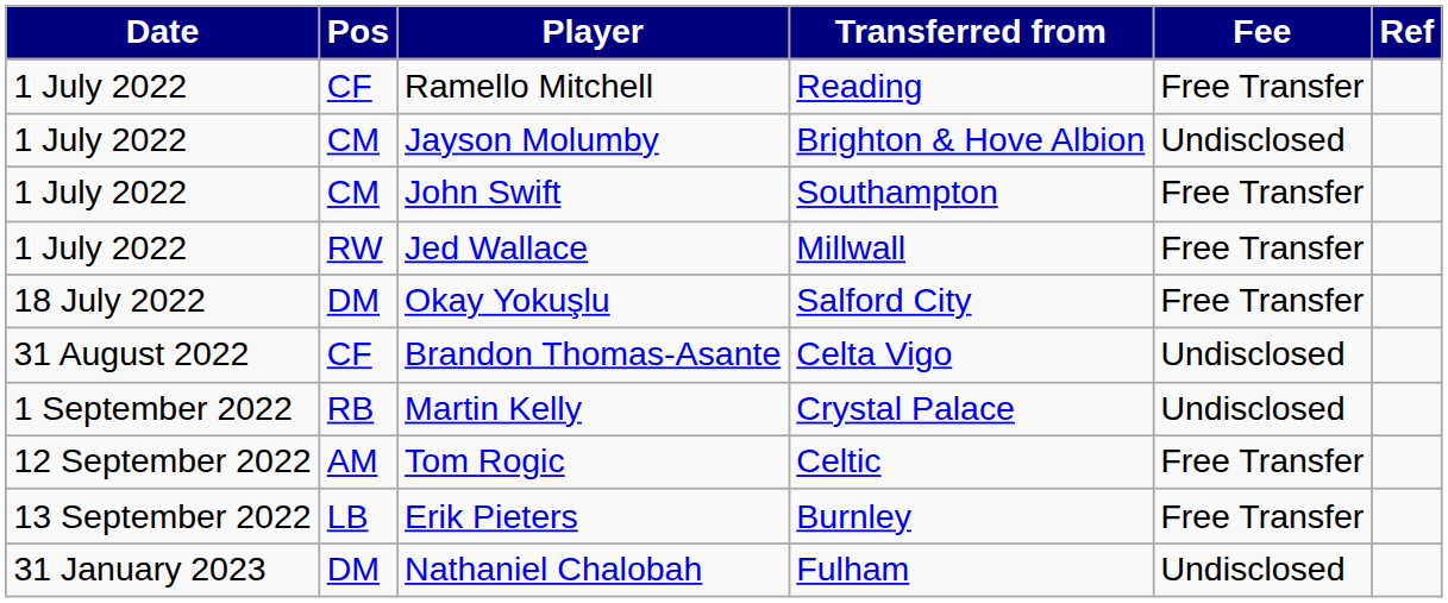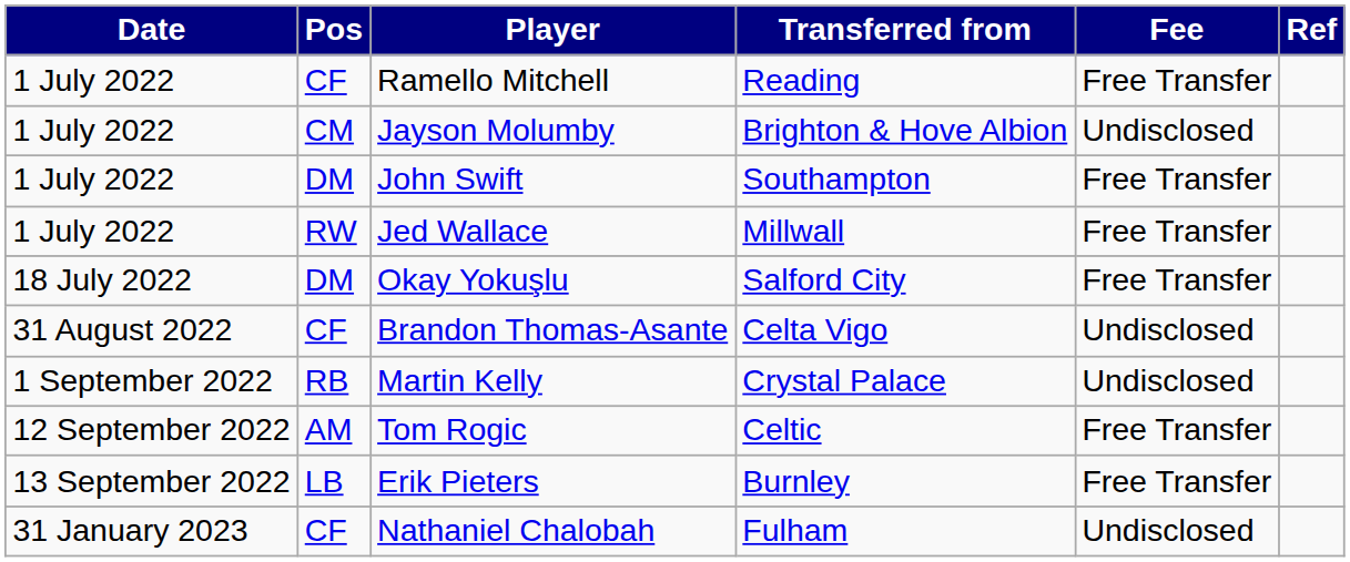 <table class="wikitable plainrowheaders sortable">
 <tr>
 <th style="background:#000080; color:#FFFFFF; ">Date</th>
 <th style="background:#000080; color:#FFFFFF; ">Pos</th>
 <th style="background:#000080; color:#FFFFFF; ">Player</th>
 <th style="background:#000080; color:#FFFFFF; ">Transferred from</th>
 <th style="background:#000080; color:#FFFFFF; ">Fee</th>
 <th style="background:#000080; color:#FFFFFF; ">Ref</th>
 </tr>
 <tr>
 <td>1 July 2022</td>
 <td><a href='#'>CF</a></td>
 <td> Ramello Mitchell</td>
 <td> <a href='#'>Reading</a></td>
 <td>Free Transfer</td>
 <td></td>
 </tr>
 <tr>
 <td>1 July 2022</td>
 <td><a href='#'>CM</a></td>
 <td> <a href='#'>Jayson Molumby</a></td>
 <td> <a href='#'>Brighton & Hove Albion</a></td>
 <td>Undisclosed</td>
 <td></td>
 </tr>
 <tr>
 <td>1 July 2022</td>
-<td><a href='#'>CM</a></td>
+<td><a href='#'>DM</a></td>
 <td> <a href='#'>John Swift</a></td>
 <td> <a href='#'>Southampton</a></td>
 <td>Free Transfer</td>
 <td></td>
 </tr>
 <tr>
 <td>1 July 2022</td>
 <td><a href='#'>RW</a></td>
 <td> <a href='#'>Jed Wallace</a></td>
 <td> <a href='#'>Millwall</a></td>
 <td>Free Transfer</td>
 <td></td>
 </tr>
 <tr>
 <td>18 July 2022</td>
 <td><a href='#'>DM</a></td>
 <td> <a href='#'>Okay Yokuşlu</a></td>
 <td> <a href='#'>Salford City</a></td>
 <td>Free Transfer</td>
 <td></td>
 </tr>
 <tr>
 <td>31 August 2022</td>
 <td><a href='#'>CF</a></td>
 <td> <a href='#'>Brandon Thomas-Asante</a></td>
 <td> <a href='#'>Celta Vigo</a></td>
 <td>Undisclosed</td>
 <td></td>
 </tr>
 <tr>
 <td>1 September 2022</td>
 <td><a href='#'>RB</a></td>
 <td> <a href='#'>Martin Kelly</a></td>
 <td> <a href='#'>Crystal Palace</a></td>
 <td>Undisclosed</td>
 <td></td>
 </tr>
 <tr>
 <td>12 September 2022</td>
 <td><a href='#'>AM</a></td>
 <td> <a href='#'>Tom Rogic</a></td>
 <td> <a href='#'>Celtic</a></td>
 <td>Free Transfer</td>
 <td></td>
 </tr>
 <tr>
 <td>13 September 2022</td>
 <td><a href='#'>LB</a></td>
 <td> <a href='#'>Erik Pieters</a></td>
 <td> <a href='#'>Burnley</a></td>
 <td>Free Transfer</td>
 <td></td>
 </tr>
 <tr>
 <td>31 January 2023</td>
-<td><a href='#'>DM</a></td>
+<td><a href='#'>CF</a></td>
 <td> <a href='#'>Nathaniel Chalobah</a></td>
 <td> <a href='#'>Fulham</a></td>
 <td>Undisclosed</td>
 <td></td>
 </tr>
 </table>
